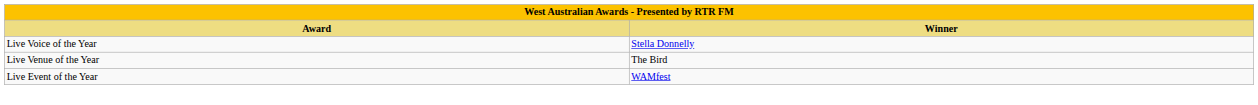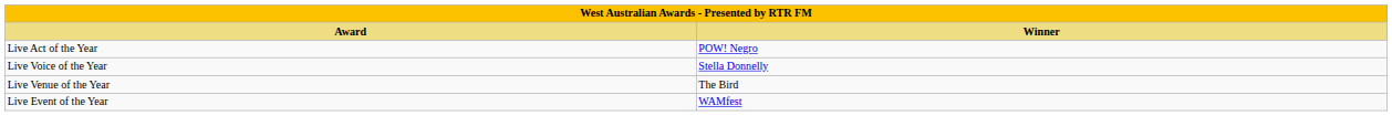 <table class="wikitable" width=100%>
 <tr>
 <th colspan="2" ! style="width:15%;background:#FCC200">West Australian Awards - Presented by RTR FM</th>
 </tr>
 <tr>
 <th style="width:10%;background:#EEDD82;">Award</th>
 <th style="width:10%;background:#EEDD82;">Winner</th>
+</tr>
+<tr>
+<td>Live Act of the Year</td>
+<td><a href='#'>POW! Negro</a></td>
 </tr>
 <tr>
 <td>Live Voice of the Year</td>
 <td><a href='#'>Stella Donnelly</a></td>
 </tr>
 <tr>
 <td>Live Venue of the Year</td>
 <td>The Bird</td>
 </tr>
 <tr>
 <td>Live Event of the Year</td>
 <td><a href='#'>WAMfest</a></td>
 </tr>
 </table>
